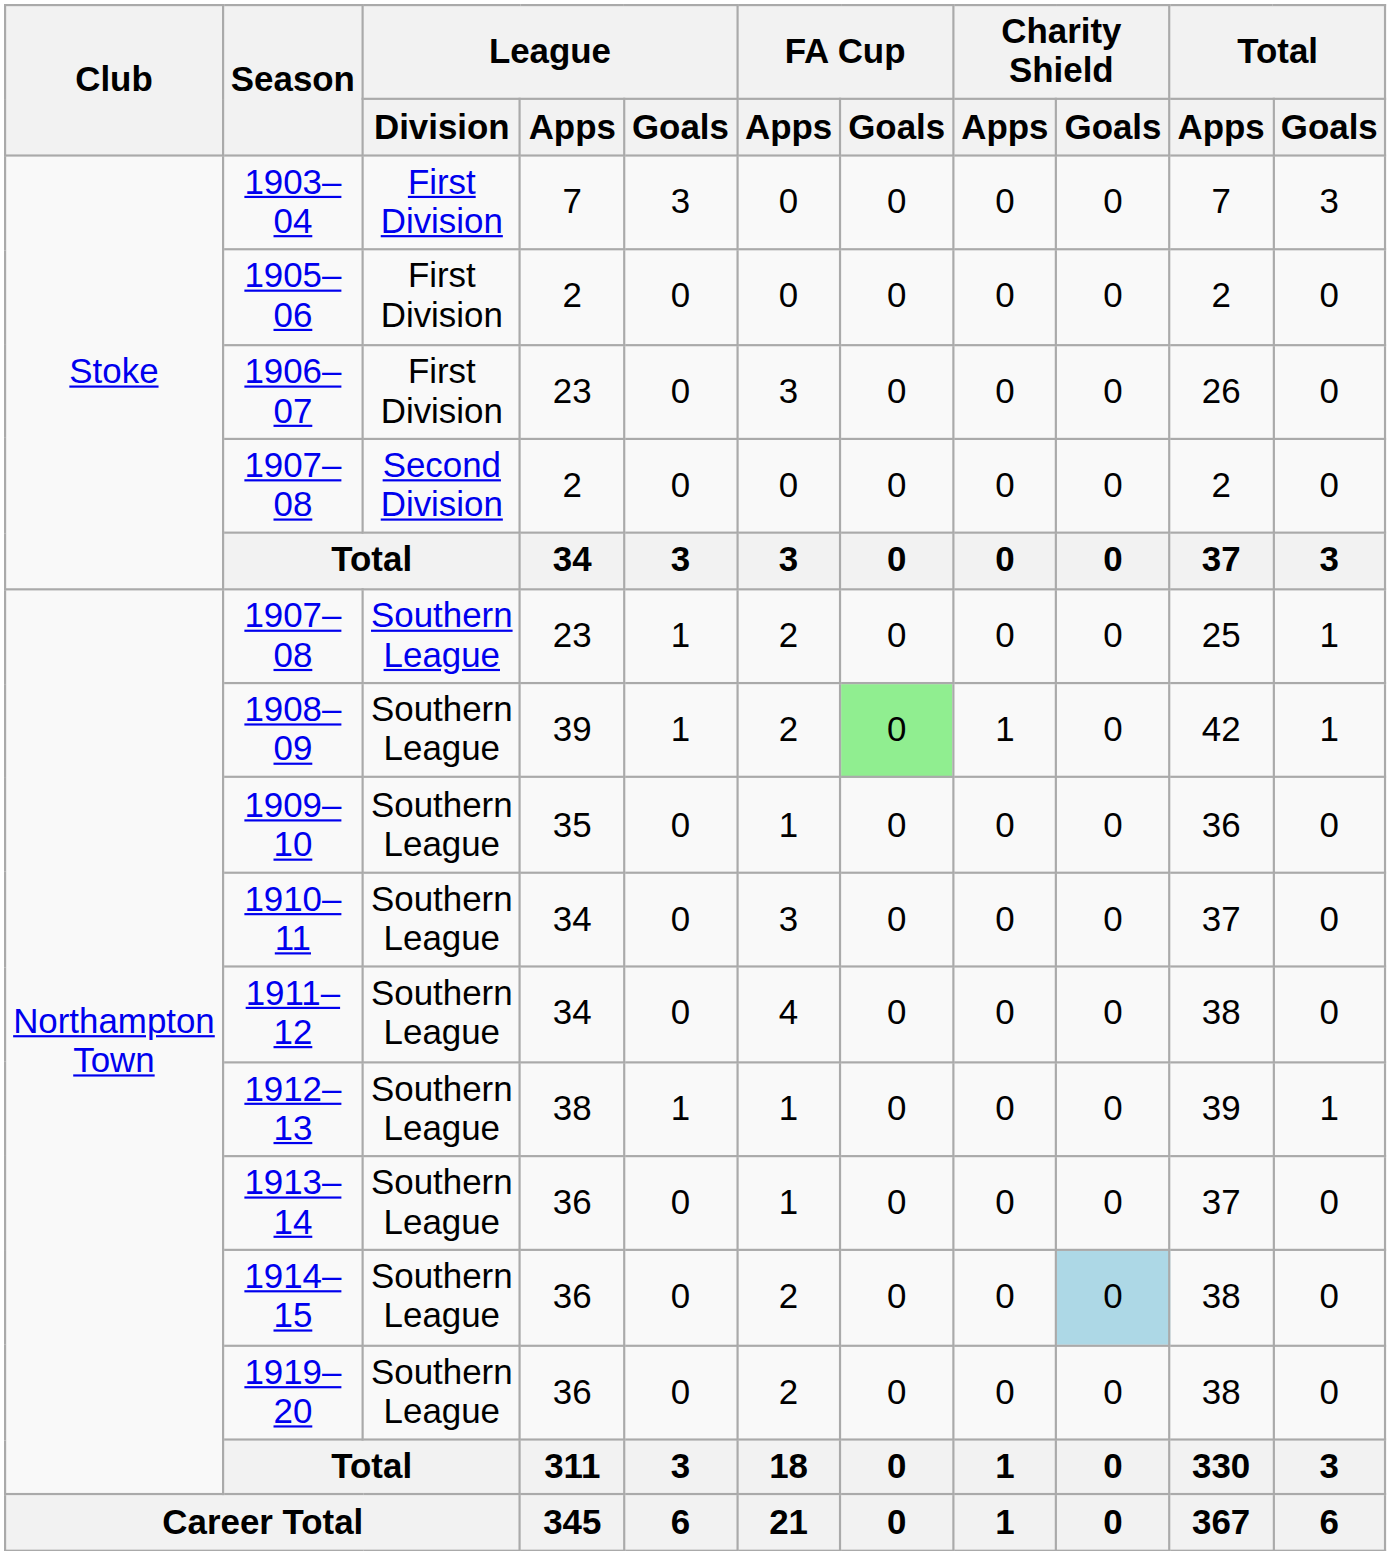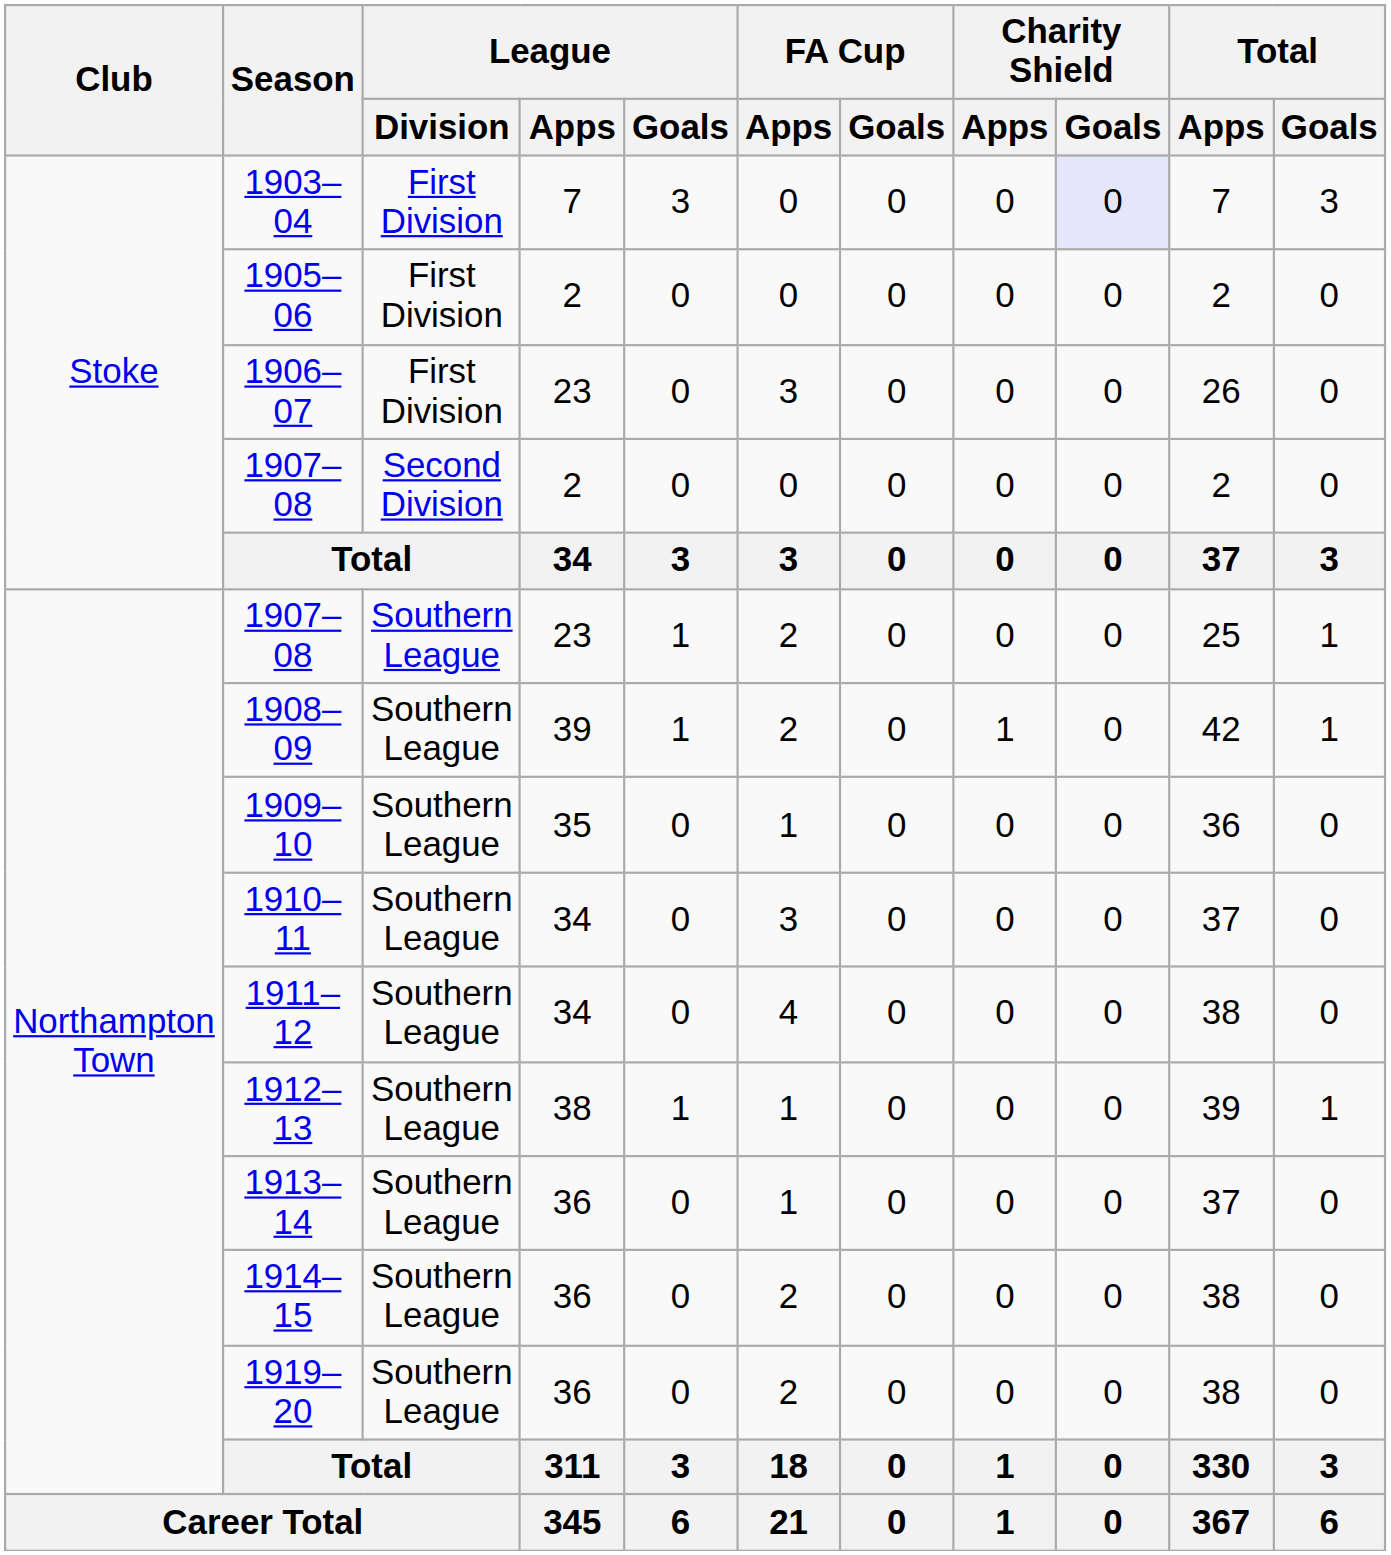 <table class="wikitable" style="text-align: center;">
 <tr>
 <th rowspan="2">Club</th>
 <th rowspan="2">Season</th>
 <th colspan="3">League</th>
 <th colspan="2">FA Cup</th>
 <th colspan="2">Charity Shield</th>
 <th colspan="2">Total</th>
 </tr>
 <tr>
 <th>Division</th>
 <th>Apps</th>
 <th>Goals</th>
 <th>Apps</th>
 <th>Goals</th>
 <th>Apps</th>
 <th>Goals</th>
 <th>Apps</th>
 <th>Goals</th>
 </tr>
 <tr>
 <td rowspan="5"><a href='#'>Stoke</a></td>
 <td><a href='#'>1903–04</a></td>
 <td><a href='#'>First Division</a></td>
 <td>7</td>
 <td>3</td>
 <td>0</td>
 <td>0</td>
 <td>0</td>
-<td>0</td>
+<td style="background: lavender;">0</td>
 <td>7</td>
 <td>3</td>
 </tr>
 <tr>
 <td><a href='#'>1905–06</a></td>
 <td>First Division</td>
 <td>2</td>
 <td>0</td>
 <td>0</td>
 <td>0</td>
 <td>0</td>
 <td>0</td>
 <td>2</td>
 <td>0</td>
 </tr>
 <tr>
 <td><a href='#'>1906–07</a></td>
 <td>First Division</td>
 <td>23</td>
 <td>0</td>
 <td>3</td>
 <td>0</td>
 <td>0</td>
 <td>0</td>
 <td>26</td>
 <td>0</td>
 </tr>
 <tr>
 <td><a href='#'>1907–08</a></td>
 <td><a href='#'>Second Division</a></td>
 <td>2</td>
 <td>0</td>
 <td>0</td>
 <td>0</td>
 <td>0</td>
 <td>0</td>
 <td>2</td>
 <td>0</td>
 </tr>
 <tr>
 <th colspan=2>Total</th>
 <th>34</th>
 <th>3</th>
 <th>3</th>
 <th>0</th>
 <th>0</th>
 <th>0</th>
 <th>37</th>
 <th>3</th>
 </tr>
 <tr>
 <td rowspan="10"><a href='#'>Northampton Town</a></td>
 <td><a href='#'>1907–08</a></td>
 <td><a href='#'>Southern League</a></td>
 <td>23</td>
 <td>1</td>
 <td>2</td>
 <td>0</td>
 <td>0</td>
 <td>0</td>
 <td>25</td>
 <td>1</td>
 </tr>
 <tr>
 <td><a href='#'>1908–09</a></td>
 <td>Southern League</td>
 <td>39</td>
 <td>1</td>
 <td>2</td>
-<td style="background: lightgreen;">0</td>
+<td>0</td>
 <td>1</td>
 <td>0</td>
 <td>42</td>
 <td>1</td>
 </tr>
 <tr>
 <td><a href='#'>1909–10</a></td>
 <td>Southern League</td>
 <td>35</td>
 <td>0</td>
 <td>1</td>
 <td>0</td>
 <td>0</td>
 <td>0</td>
 <td>36</td>
 <td>0</td>
 </tr>
 <tr>
 <td><a href='#'>1910–11</a></td>
 <td>Southern League</td>
 <td>34</td>
 <td>0</td>
 <td>3</td>
 <td>0</td>
 <td>0</td>
 <td>0</td>
 <td>37</td>
 <td>0</td>
 </tr>
 <tr>
 <td><a href='#'>1911–12</a></td>
 <td>Southern League</td>
 <td>34</td>
 <td>0</td>
 <td>4</td>
 <td>0</td>
 <td>0</td>
 <td>0</td>
 <td>38</td>
 <td>0</td>
 </tr>
 <tr>
 <td><a href='#'>1912–13</a></td>
 <td>Southern League</td>
 <td>38</td>
 <td>1</td>
 <td>1</td>
 <td>0</td>
 <td>0</td>
 <td>0</td>
 <td>39</td>
 <td>1</td>
 </tr>
 <tr>
 <td><a href='#'>1913–14</a></td>
 <td>Southern League</td>
 <td>36</td>
 <td>0</td>
 <td>1</td>
 <td>0</td>
 <td>0</td>
 <td>0</td>
 <td>37</td>
 <td>0</td>
 </tr>
 <tr>
 <td><a href='#'>1914–15</a></td>
 <td>Southern League</td>
 <td>36</td>
 <td>0</td>
 <td>2</td>
 <td>0</td>
 <td>0</td>
-<td style="background: lightblue;">0</td>
+<td>0</td>
 <td>38</td>
 <td>0</td>
 </tr>
 <tr>
 <td><a href='#'>1919–20</a></td>
 <td>Southern League</td>
 <td>36</td>
 <td>0</td>
 <td>2</td>
 <td>0</td>
 <td>0</td>
 <td>0</td>
 <td>38</td>
 <td>0</td>
 </tr>
 <tr>
 <th colspan=2>Total</th>
 <th>311</th>
 <th>3</th>
 <th>18</th>
 <th>0</th>
 <th>1</th>
 <th>0</th>
 <th>330</th>
 <th>3</th>
 </tr>
 <tr>
 <th colspan=3>Career Total</th>
 <th>345</th>
 <th>6</th>
 <th>21</th>
 <th>0</th>
 <th>1</th>
 <th>0</th>
 <th>367</th>
 <th>6</th>
 </tr>
 </table>
